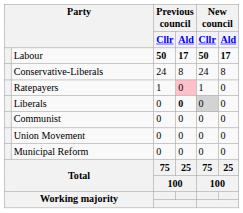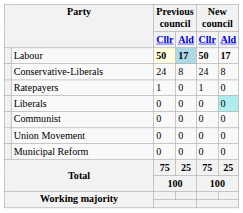 <table class="wikitable">
 <tr>
 <th valign=top colspan="2" rowspan="2" style="width: 230px">Party</th>
 <th valign=top colspan="2" style="width: 30px">Previous council</th>
 <th valign=top colspan="2" style="width: 30px">New council</th>
 </tr>
 <tr>
 <th><a href='#'>Cllr</a></th>
 <th><a href='#'>Ald</a></th>
 <th><a href='#'>Cllr</a></th>
 <th><a href='#'>Ald</a></th>
 </tr>
 <tr>
 <th style="background-color: "></th>
 <td>Labour</td>
-<td><strong>50</strong></td>
-<td><strong>17</strong></td>
+<td style="background: lightyellow;"><strong>50</strong></td>
+<td style="background: lightblue;"><strong>17</strong></td>
 <td><strong>50</strong></td>
 <td><strong>17</strong></td>
 </tr>
 <tr>
 <th style="background-color: "></th>
 <td>Conservative-Liberals</td>
 <td>24</td>
 <td>8</td>
 <td>24</td>
 <td>8</td>
 </tr>
 <tr>
 <th style="background-color: "></th>
 <td>Ratepayers</td>
 <td>1</td>
-<td style="background: pink;">0</td>
+<td>0</td>
 <td>1</td>
 <td>0</td>
 </tr>
 <tr>
 <th style="background-color: "></th>
 <td>Liberals</td>
 <td>0</td>
-<td><strong>0</strong></td>
-<td style="background: lightgrey;">0</td>
 <td>0</td>
+<td>0</td>
+<td style="background: paleturquoise;">0</td>
 </tr>
 <tr>
 <th style="background-color: "></th>
 <td>Communist</td>
 <td>0</td>
 <td>0</td>
 <td>0</td>
 <td>0</td>
 </tr>
 <tr>
 <th style="background-color: "></th>
 <td>Union Movement</td>
 <td>0</td>
 <td>0</td>
 <td>0</td>
 <td>0</td>
 </tr>
 <tr>
 <th style="background-color: "></th>
 <td>Municipal Reform</td>
 <td>0</td>
 <td>0</td>
 <td>0</td>
 <td>0</td>
 </tr>
 <tr>
 <th colspan="2" rowspan="2">Total</th>
 <th style="text-align: center">75</th>
 <th style="text-align: center">25</th>
 <th style="text-align: center">75</th>
 <th style="text-align: center">25</th>
 </tr>
 <tr>
 <th colspan="2" style="text-align: center">100</th>
 <th colspan="2" style="text-align: center">100</th>
 </tr>
 <tr>
 <th colspan="2" rowspan="2">Working majority</th>
 <th></th>
 <th></th>
 <th></th>
 <th></th>
 </tr>
 <tr>
 <th colspan="2"></th>
 <th colspan="2"></th>
 </tr>
 </table>
